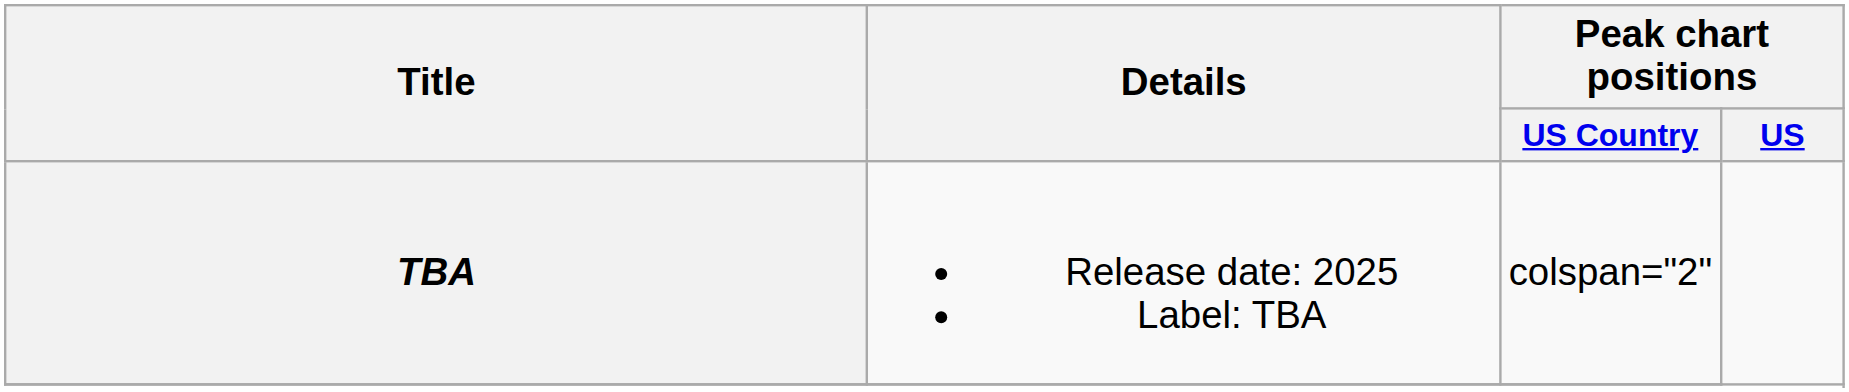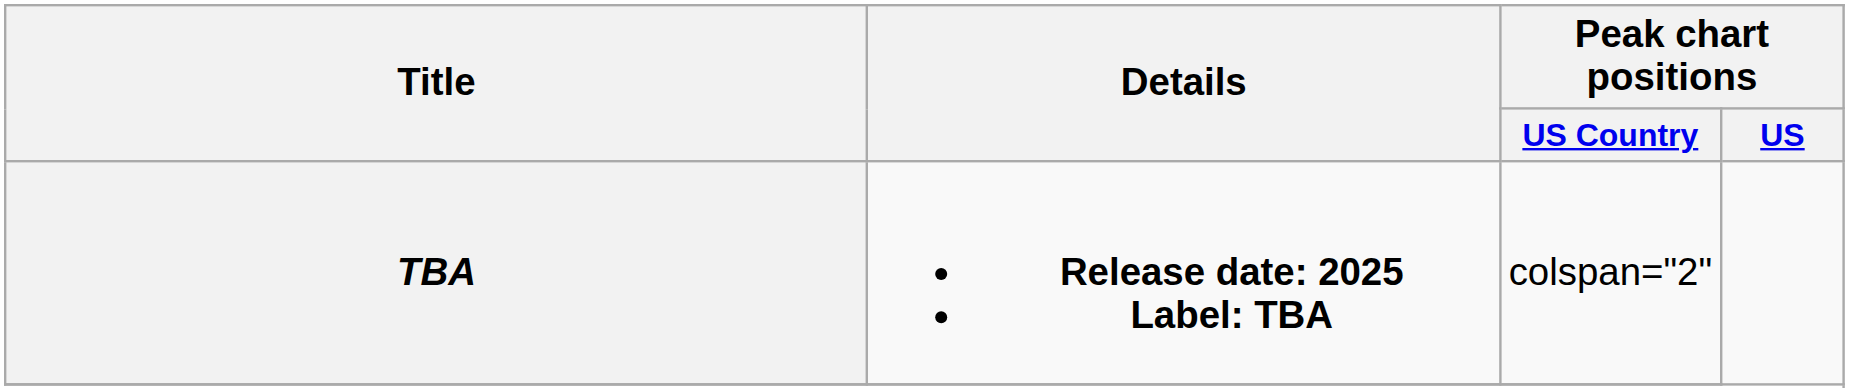 <table class="wikitable plainrowheaders" style="text-align:center;">
 <tr>
 <th rowspan="2" style="width:22em;">Title</th>
 <th rowspan="2" style="width:16em;">Details</th>
 <th colspan="2">Peak chart<br>positions</th>
 </tr>
 <tr style="font-size:smaller;">
 <th width="45"><a href='#'>US Country</a></th>
 <th width="45"><a href='#'>US</a></th>
 </tr>
 <tr>
 <th scope="row"><em>TBA</em></th>
-<td><br><ul><li>Release date: 2025</li><li>Label: TBA</li></ul></td>
+<td><strong><br><ul><li>Release date: 2025</li><li>Label: TBA</li></ul></strong></td>
 <td>colspan="2" </td>
 </tr>
 <tr>
 </tr>
 </table>
